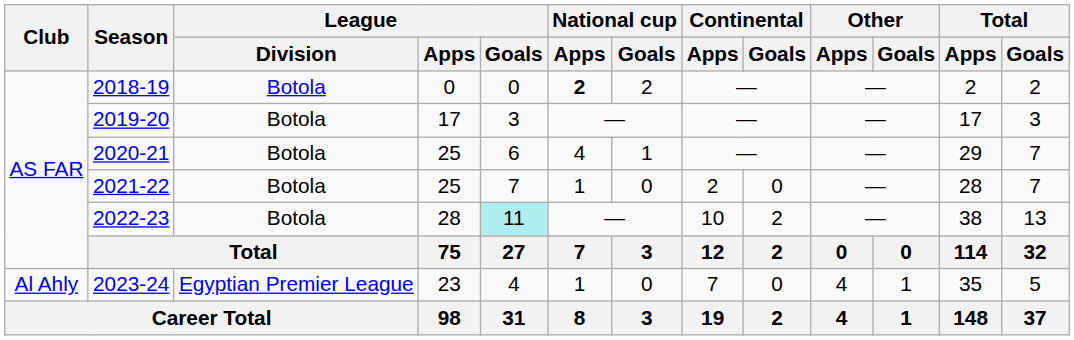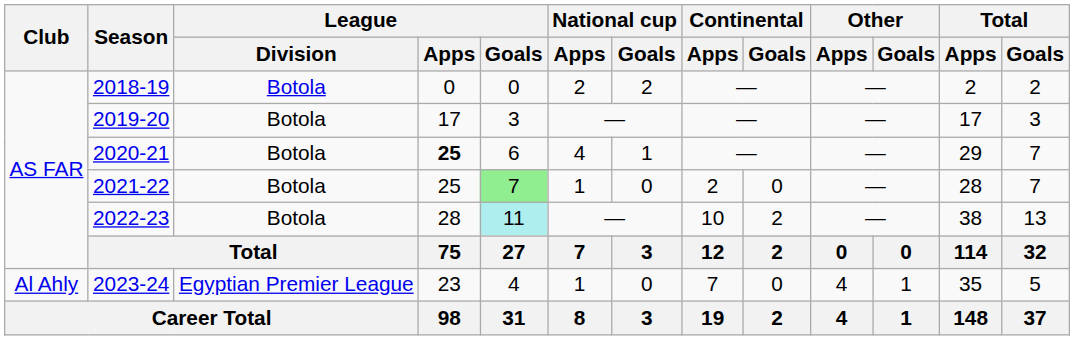 <table class="wikitable" style="text-align:center">
 <tr>
 <th rowspan="2">Club</th>
 <th rowspan="2">Season</th>
 <th colspan="3">League</th>
 <th colspan="2">National cup</th>
 <th colspan="2">Continental</th>
 <th colspan="2">Other</th>
 <th colspan="2">Total</th>
 </tr>
 <tr>
 <th>Division</th>
 <th>Apps</th>
 <th>Goals</th>
 <th>Apps</th>
 <th>Goals</th>
 <th>Apps</th>
 <th>Goals</th>
 <th>Apps</th>
 <th>Goals</th>
 <th>Apps</th>
 <th>Goals</th>
 </tr>
 <tr>
 <td rowspan="6"><a href='#'>AS FAR</a></td>
 <td><a href='#'>2018-19</a></td>
 <td><a href='#'>Botola</a></td>
 <td>0</td>
 <td>0</td>
-<td><strong>2</strong></td>
+<td>2</td>
 <td>2</td>
 <td colspan="2">—</td>
 <td colspan="2">—</td>
 <td>2</td>
 <td>2</td>
 </tr>
 <tr>
 <td><a href='#'>2019-20</a></td>
 <td>Botola</td>
 <td>17</td>
 <td>3</td>
 <td colspan="2">—</td>
 <td colspan="2">—</td>
 <td colspan="2">—</td>
 <td>17</td>
 <td>3</td>
 </tr>
 <tr>
 <td><a href='#'>2020-21</a></td>
 <td>Botola</td>
-<td>25</td>
+<td><strong>25</strong></td>
 <td>6</td>
 <td>4</td>
 <td>1</td>
 <td colspan="2">—</td>
 <td colspan="2">—</td>
 <td>29</td>
 <td>7</td>
 </tr>
 <tr>
 <td><a href='#'>2021-22</a></td>
 <td>Botola</td>
 <td>25</td>
-<td>7</td>
+<td style="background: lightgreen;">7</td>
 <td>1</td>
 <td>0</td>
 <td>2</td>
 <td>0</td>
 <td colspan="2">—</td>
 <td>28</td>
 <td>7</td>
 </tr>
 <tr>
 <td><a href='#'>2022-23</a></td>
 <td>Botola</td>
 <td>28</td>
 <td style="background: paleturquoise;">11</td>
 <td colspan="2">—</td>
 <td>10</td>
 <td>2</td>
 <td colspan="2">—</td>
 <td>38</td>
 <td>13</td>
 </tr>
 <tr>
 <th colspan="2">Total</th>
 <th>75</th>
 <th>27</th>
 <th>7</th>
 <th>3</th>
 <th>12</th>
 <th>2</th>
 <th>0</th>
 <th>0</th>
 <th>114</th>
 <th>32</th>
 </tr>
 <tr>
 <td><a href='#'>Al Ahly</a></td>
 <td><a href='#'>2023-24</a></td>
 <td><a href='#'>Egyptian Premier League</a></td>
 <td>23</td>
 <td>4</td>
 <td>1</td>
 <td>0</td>
 <td>7</td>
 <td>0</td>
 <td>4</td>
 <td>1</td>
 <td>35</td>
 <td>5</td>
 </tr>
 <tr>
 <th colspan="3">Career Total</th>
 <th>98</th>
 <th>31</th>
 <th>8</th>
 <th>3</th>
 <th>19</th>
 <th>2</th>
 <th>4</th>
 <th>1</th>
 <th>148</th>
 <th>37</th>
 </tr>
 </table>
